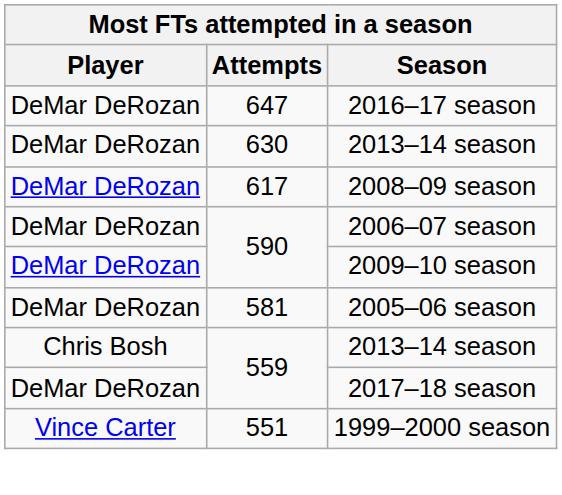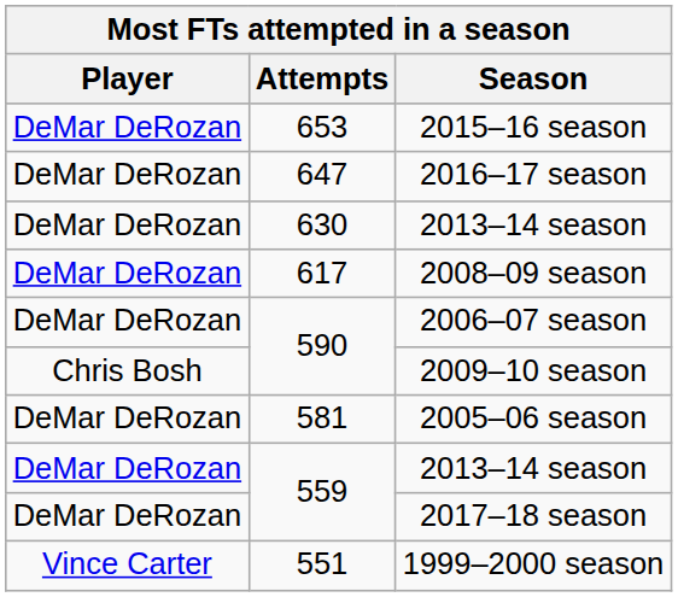 <table class="wikitable" style="text-align:center">
 <tr>
 <th colspan="3">Most FTs attempted in a season</th>
 </tr>
 <tr>
 <th>Player</th>
 <th>Attempts</th>
 <th>Season</th>
+</tr>
+<tr>
+<td><a href='#'>DeMar DeRozan</a></td>
+<td>653</td>
+<td>2015–16 season</td>
 </tr>
 <tr>
 <td>DeMar DeRozan</td>
 <td>647</td>
 <td>2016–17 season</td>
 </tr>
 <tr>
 <td>DeMar DeRozan</td>
 <td>630</td>
 <td>2013–14 season</td>
 </tr>
 <tr>
 <td><a href='#'>DeMar DeRozan</a></td>
 <td>617</td>
 <td>2008–09 season</td>
 </tr>
 <tr>
 <td>DeMar DeRozan</td>
 <td rowspan=2>590</td>
 <td>2006–07 season</td>
 </tr>
 <tr>
-<td><a href='#'>DeMar DeRozan</a></td>
+<td>Chris Bosh</td>
 <td>2009–10 season</td>
 </tr>
 <tr>
 <td>DeMar DeRozan</td>
 <td>581</td>
 <td>2005–06 season</td>
 </tr>
 <tr>
-<td>Chris Bosh</td>
+<td><a href='#'>DeMar DeRozan</a></td>
 <td rowspan=2>559</td>
 <td>2013–14 season</td>
 </tr>
 <tr>
 <td>DeMar DeRozan</td>
 <td>2017–18 season</td>
 </tr>
 <tr>
 <td><a href='#'>Vince Carter</a></td>
 <td>551</td>
 <td>1999–2000 season</td>
 </tr>
 </table>
